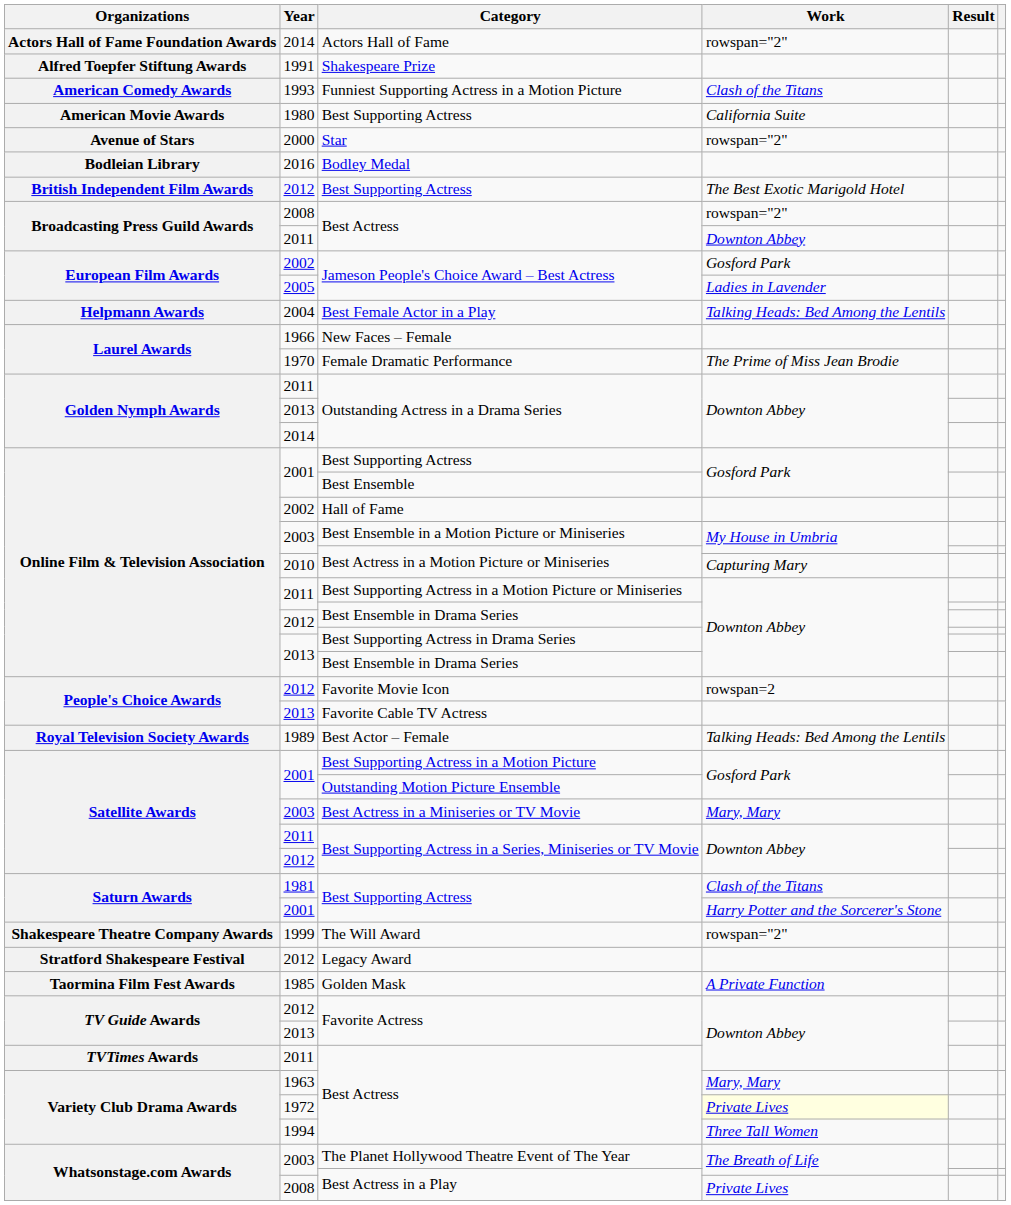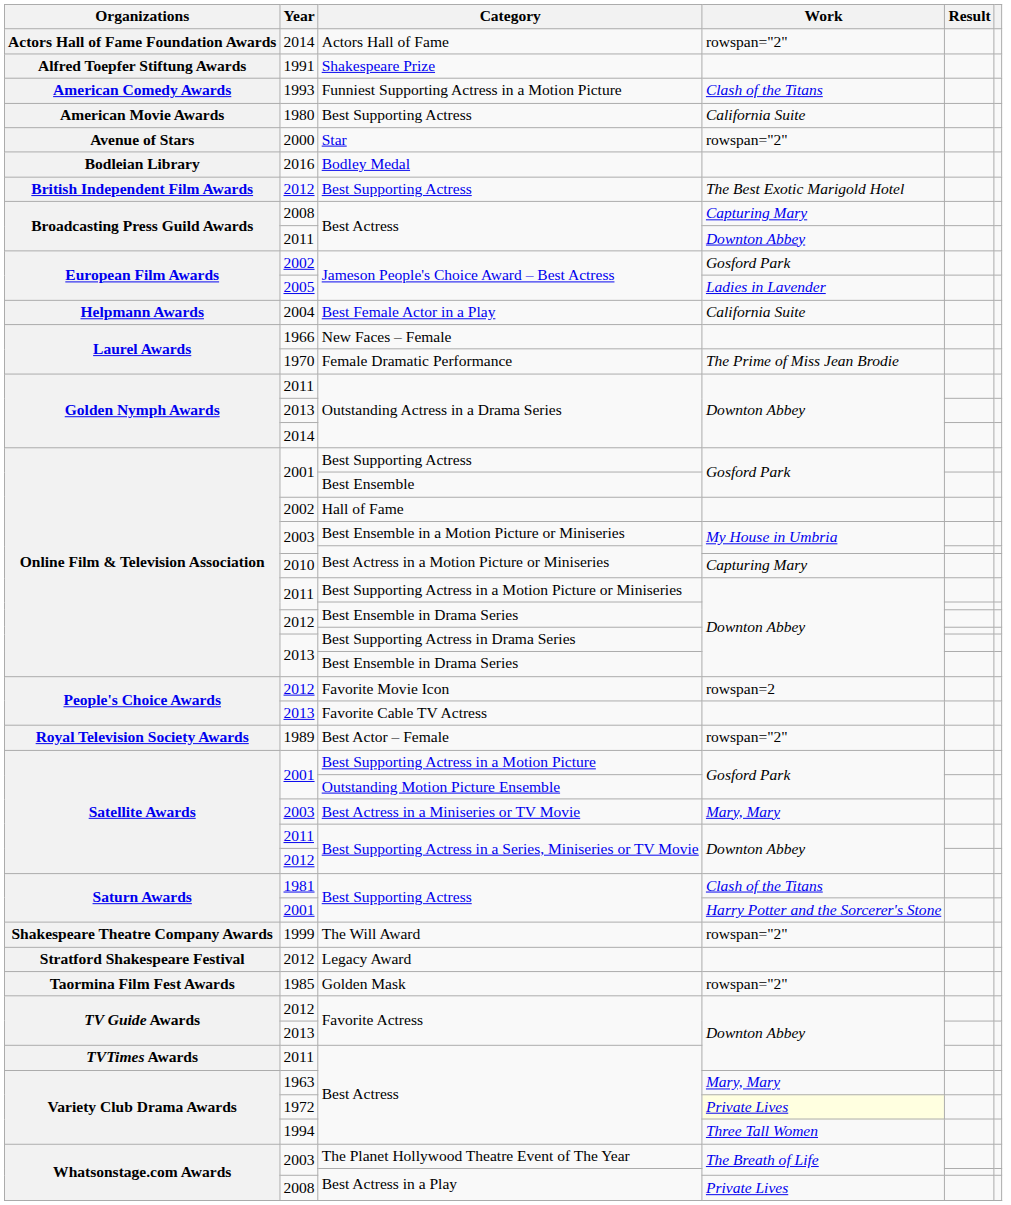 <table class= "wikitable plainrowheaders sortable">
 <tr>
 <th scope="col">Organizations</th>
 <th scope="col">Year</th>
 <th scope="col">Category</th>
 <th scope="col">Work</th>
 <th scope="col">Result</th>
 <th scope="col" class="unsortable"></th>
 </tr>
 <tr>
 <th scope="row" rowspan="1">Actors Hall of Fame Foundation Awards</th>
 <td>2014</td>
 <td>Actors Hall of Fame</td>
 <td>rowspan="2" </td>
 <td></td>
 <td></td>
 </tr>
 <tr>
 <th scope="row" rowspan="1">Alfred Toepfer Stiftung Awards</th>
 <td>1991</td>
 <td><a href='#'>Shakespeare Prize</a></td>
 <td></td>
 <td></td>
 </tr>
 <tr>
 <th scope="row" rowspan="1"><a href='#'>American Comedy Awards</a></th>
 <td>1993</td>
 <td>Funniest Supporting Actress in a Motion Picture</td>
 <td><em><a href='#'>Clash of the Titans</a></em></td>
 <td></td>
 <td></td>
 </tr>
 <tr>
 <th scope="row" rowspan="1">American Movie Awards</th>
 <td>1980</td>
 <td>Best Supporting Actress</td>
 <td><em>California Suite</em></td>
 <td></td>
 <td></td>
 </tr>
 <tr>
 <th scope="row" rowspan="1">Avenue of Stars</th>
 <td>2000</td>
 <td><a href='#'>Star</a></td>
 <td>rowspan="2" </td>
 <td></td>
 <td></td>
 </tr>
 <tr>
 <th scope="row" rowspan="1">Bodleian Library</th>
 <td>2016</td>
 <td><a href='#'>Bodley Medal</a></td>
 <td></td>
 <td></td>
 </tr>
 <tr>
 <th scope="row" rowspan="1"><a href='#'>British Independent Film Awards</a></th>
 <td><a href='#'>2012</a></td>
 <td><a href='#'>Best Supporting Actress</a></td>
 <td><em>The Best Exotic Marigold Hotel</em></td>
 <td></td>
 <td></td>
 </tr>
 <tr>
 <th scope="row" rowspan="2">Broadcasting Press Guild Awards</th>
 <td>2008</td>
 <td rowspan=2>Best Actress</td>
-<td>rowspan="2" </td>
+<td><em><a href='#'>Capturing Mary</a></em></td>
 <td></td>
 <td></td>
 </tr>
 <tr>
 <td>2011</td>
 <td><em><a href='#'>Downton Abbey</a></em></td>
 <td></td>
 <td></td>
 </tr>
 <tr>
 <th scope="row" rowspan="2"><a href='#'>European Film Awards</a></th>
 <td><a href='#'>2002</a></td>
 <td rowspan=2><a href='#'>Jameson People's Choice Award – Best Actress</a></td>
 <td><em>Gosford Park</em></td>
 <td></td>
 <td></td>
 </tr>
 <tr>
 <td><a href='#'>2005</a></td>
 <td><em><a href='#'>Ladies in Lavender</a></em></td>
 <td></td>
 <td></td>
 </tr>
 <tr>
 <th scope="row" rowspan="1"><a href='#'>Helpmann Awards</a></th>
 <td>2004</td>
 <td><a href='#'>Best Female Actor in a Play</a></td>
-<td><em><a href='#'>Talking Heads: Bed Among the Lentils</a></em></td>
+<td><em>California Suite</em></td>
 <td></td>
 <td></td>
 </tr>
 <tr>
 <th scope="row" rowspan="2"><a href='#'>Laurel Awards</a></th>
 <td>1966</td>
 <td>New Faces – Female</td>
 <td></td>
 <td></td>
 <td></td>
 </tr>
 <tr>
 <td>1970</td>
 <td>Female Dramatic Performance</td>
 <td><em>The Prime of Miss Jean Brodie</em></td>
 <td></td>
 <td></td>
 </tr>
 <tr>
 <th scope="row" rowspan="3"><a href='#'>Golden Nymph Awards</a></th>
 <td>2011</td>
 <td rowspan=3>Outstanding Actress in a Drama Series</td>
 <td rowspan=3><em>Downton Abbey</em></td>
 <td></td>
 <td></td>
 </tr>
 <tr>
 <td>2013</td>
 <td></td>
 <td></td>
 </tr>
 <tr>
 <td>2014</td>
 <td></td>
 <td></td>
 </tr>
 <tr>
 <th scope="row" rowspan="12">Online Film & Television Association</th>
 <td rowspan=2>2001</td>
 <td>Best Supporting Actress</td>
 <td rowspan=2><em>Gosford Park</em></td>
 <td></td>
 <td></td>
 </tr>
 <tr>
 <td>Best Ensemble</td>
 <td></td>
 <td></td>
 </tr>
 <tr>
 <td>2002</td>
 <td>Hall of Fame</td>
 <td></td>
 <td></td>
 <td></td>
 </tr>
 <tr>
 <td rowspan=2>2003</td>
 <td>Best Ensemble in a Motion Picture or Miniseries</td>
 <td rowspan=2><em><a href='#'>My House in Umbria</a></em></td>
 <td></td>
 <td></td>
 </tr>
 <tr>
 <td rowspan=2>Best Actress in a Motion Picture or Miniseries</td>
 <td></td>
 <td></td>
 </tr>
 <tr>
 <td>2010</td>
 <td><em>Capturing Mary</em></td>
 <td></td>
 <td></td>
 </tr>
 <tr>
 <td rowspan=2>2011</td>
 <td>Best Supporting Actress in a Motion Picture or Miniseries</td>
 <td rowspan=6><em>Downton Abbey</em></td>
 <td></td>
 <td></td>
 </tr>
 <tr>
 <td rowspan=2>Best Ensemble in Drama Series</td>
 <td></td>
 <td></td>
 </tr>
 <tr>
 <td rowspan=2>2012</td>
 <td></td>
 <td></td>
 </tr>
 <tr>
 <td rowspan=2>Best Supporting Actress in Drama Series</td>
 <td></td>
 <td></td>
 </tr>
 <tr>
 <td rowspan=2>2013</td>
 <td></td>
 <td></td>
 </tr>
 <tr>
 <td>Best Ensemble in Drama Series</td>
 <td></td>
 <td></td>
 </tr>
 <tr>
 <th scope="row" rowspan="2"><a href='#'>People's Choice Awards</a></th>
 <td><a href='#'>2012</a></td>
 <td>Favorite Movie Icon</td>
 <td>rowspan=2 </td>
 <td></td>
 <td></td>
 </tr>
 <tr>
 <td><a href='#'>2013</a></td>
 <td>Favorite Cable TV Actress</td>
 <td></td>
 <td></td>
 </tr>
 <tr>
 <th scope="row" rowspan="1"><a href='#'>Royal Television Society Awards</a></th>
 <td>1989</td>
 <td>Best Actor – Female</td>
-<td><em>Talking Heads: Bed Among the Lentils</em></td>
+<td>rowspan="2" </td>
 <td></td>
 <td></td>
 </tr>
 <tr>
 <th scope="row" rowspan="5"><a href='#'>Satellite Awards</a></th>
 <td rowspan=2><a href='#'>2001</a></td>
 <td><a href='#'>Best Supporting Actress in a Motion Picture</a></td>
 <td rowspan=2><em>Gosford Park</em></td>
 <td></td>
 <td></td>
 </tr>
 <tr>
 <td><a href='#'>Outstanding Motion Picture Ensemble</a></td>
 <td></td>
 <td></td>
 </tr>
 <tr>
 <td><a href='#'>2003</a></td>
 <td><a href='#'>Best Actress in a Miniseries or TV Movie</a></td>
 <td><em><a href='#'>Mary, Mary</a></em></td>
 <td></td>
 <td></td>
 </tr>
 <tr>
 <td><a href='#'>2011</a></td>
 <td rowspan=2><a href='#'>Best Supporting Actress in a Series, Miniseries or TV Movie</a></td>
 <td rowspan=2><em>Downton Abbey</em></td>
 <td></td>
 <td></td>
 </tr>
 <tr>
 <td><a href='#'>2012</a></td>
 <td></td>
 <td></td>
 </tr>
 <tr>
 <th scope="row" rowspan="2"><a href='#'>Saturn Awards</a></th>
 <td><a href='#'>1981</a></td>
 <td rowspan=2><a href='#'>Best Supporting Actress</a></td>
 <td><em><a href='#'>Clash of the Titans</a></em></td>
 <td></td>
 <td></td>
 </tr>
 <tr>
 <td><a href='#'>2001</a></td>
 <td><em><a href='#'>Harry Potter and the Sorcerer's Stone</a></em></td>
 <td></td>
 <td></td>
 </tr>
 <tr>
 <th scope="row" rowspan="1">Shakespeare Theatre Company Awards</th>
 <td>1999</td>
 <td>The Will Award</td>
 <td>rowspan="2" </td>
 <td></td>
 <td></td>
 </tr>
 <tr>
 <th scope="row" rowspan="1">Stratford Shakespeare Festival</th>
 <td>2012</td>
 <td>Legacy Award</td>
 <td></td>
 <td></td>
 </tr>
 <tr>
 <th scope="row" rowspan="1">Taormina Film Fest Awards</th>
 <td>1985</td>
 <td>Golden Mask</td>
-<td><em><a href='#'>A Private Function</a></em></td>
+<td>rowspan="2" </td>
 <td></td>
 <td></td>
 </tr>
 <tr>
 <th scope="row" rowspan="2"><em>TV Guide</em> Awards</th>
 <td>2012</td>
 <td rowspan=2>Favorite Actress</td>
 <td rowspan=3><em>Downton Abbey</em></td>
 <td></td>
 <td></td>
 </tr>
 <tr>
 <td>2013</td>
 <td></td>
 <td></td>
 </tr>
 <tr>
 <th scope="row" rowspan="1"><em>TVTimes</em> Awards</th>
 <td>2011</td>
 <td rowspan=4>Best Actress</td>
 <td></td>
 <td></td>
 </tr>
 <tr>
 <th scope="row" rowspan="3">Variety Club Drama Awards</th>
 <td>1963</td>
 <td><em><a href='#'>Mary, Mary</a></em></td>
 <td></td>
 <td></td>
 </tr>
 <tr>
 <td>1972</td>
 <td style="background: lightyellow;"><em><a href='#'>Private Lives</a></em></td>
 <td></td>
 <td></td>
 </tr>
 <tr>
 <td>1994</td>
 <td><em><a href='#'>Three Tall Women</a></em></td>
 <td></td>
 <td></td>
 </tr>
 <tr>
 <th scope="row" rowspan="3">Whatsonstage.com Awards</th>
 <td rowspan=2>2003</td>
 <td>The Planet Hollywood Theatre Event of The Year</td>
 <td rowspan=2><em><a href='#'>The Breath of Life</a></em></td>
 <td></td>
 <td></td>
 </tr>
 <tr>
 <td rowspan=2>Best Actress in a Play</td>
 <td></td>
 <td></td>
 </tr>
 <tr>
 <td>2008</td>
 <td><em><a href='#'>Private Lives</a></em></td>
 <td></td>
 <td></td>
 </tr>
 <tr>
 </tr>
 </table>
